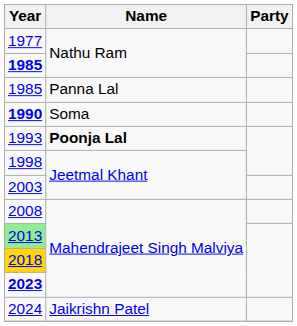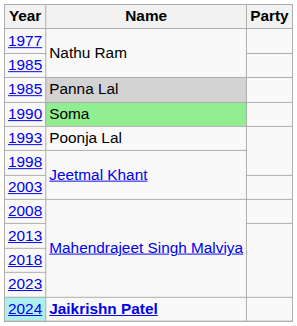 <table class="wikitable sortable">
 <tr>
 <th>Year</th>
 <th>Name</th>
 <th colspan=2>Party</th>
 </tr>
 <tr>
 <td><a href='#'>1977</a></td>
 <td rowspan=2>Nathu Ram</td>
 <td></td>
 </tr>
 <tr>
-<td><strong><a href='#'>1985</a></strong></td>
+<td><a href='#'>1985</a></td>
 <td></td>
 </tr>
 <tr>
 <td><a href='#'>1985</a></td>
-<td>Panna Lal</td>
+<td style="background: lightgrey;">Panna Lal</td>
 </tr>
 <tr>
-<td><strong><a href='#'>1990</a></strong></td>
-<td>Soma</td>
+<td><a href='#'>1990</a></td>
+<td style="background: lightgreen;">Soma</td>
 <td></td>
 </tr>
 <tr>
 <td><a href='#'>1993</a></td>
-<td><strong>Poonja Lal</strong></td>
+<td>Poonja Lal</td>
 </tr>
 <tr>
 <td><a href='#'>1998</a></td>
 <td rowspan=2><a href='#'>Jeetmal Khant</a></td>
 </tr>
 <tr>
 <td><a href='#'>2003</a></td>
 <td></td>
 </tr>
 <tr>
 <td><a href='#'>2008</a></td>
 <td rowspan=4><a href='#'>Mahendrajeet Singh Malviya</a></td>
 <td></td>
 </tr>
 <tr>
-<td style="background: lightgreen;"><a href='#'>2013</a></td>
+<td><a href='#'>2013</a></td>
 </tr>
 <tr>
-<td style="background: gold;"><a href='#'>2018</a></td>
+<td><a href='#'>2018</a></td>
 </tr>
 <tr>
-<td><strong><a href='#'>2023</a></strong></td>
+<td><a href='#'>2023</a></td>
 </tr>
 <tr>
-<td><a href='#'>2024</a></td>
-<td><a href='#'>Jaikrishn Patel</a></td>
+<td style="background: paleturquoise;"><a href='#'>2024</a></td>
+<td><strong><a href='#'>Jaikrishn Patel</a></strong></td>
 <td></td>
 </tr>
 <tr>
 </tr>
 </table>
